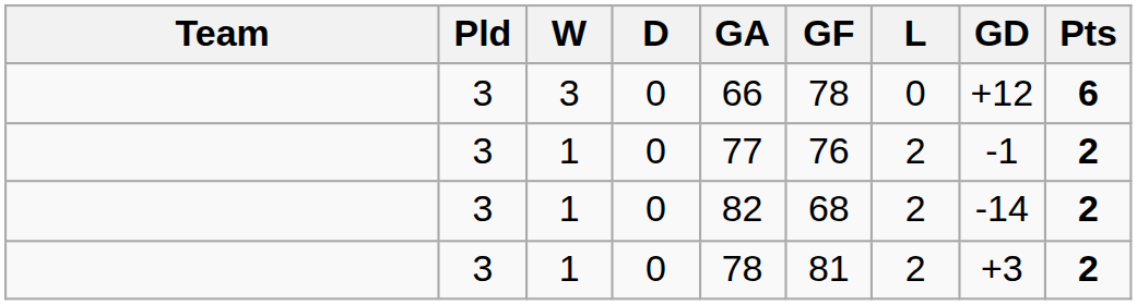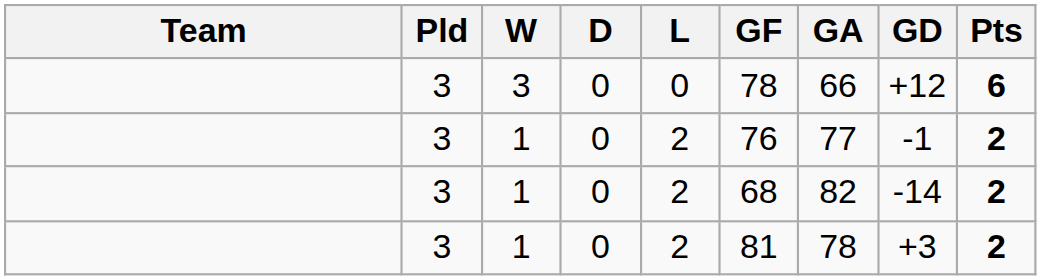 <table class="wikitable" style="text-align: center;">
 <tr>
 <th width="180">Team</th>
 <th width="30">Pld</th>
 <th width="30">W</th>
 <th width="30">D</th>
+<th width="30">L</th>
+<th width="30">GF</th>
 <th width="30">GA</th>
-<th width="30">GF</th>
-<th width="30">L</th>
 <th width="30">GD</th>
 <th width="30">Pts</th>
 </tr>
 <tr>
 <td align="left"></td>
 <td>3</td>
 <td>3</td>
 <td>0</td>
+<td>0</td>
+<td>78</td>
 <td>66</td>
-<td>78</td>
-<td>0</td>
 <td>+12</td>
 <td><strong>6</strong></td>
 </tr>
 <tr>
 <td align="left"></td>
 <td>3</td>
 <td>1</td>
 <td>0</td>
+<td>2</td>
+<td>76</td>
 <td>77</td>
-<td>76</td>
-<td>2</td>
 <td>-1</td>
 <td><strong>2</strong></td>
 </tr>
 <tr>
 <td align="left"></td>
 <td>3</td>
 <td>1</td>
 <td>0</td>
+<td>2</td>
+<td>68</td>
 <td>82</td>
-<td>68</td>
-<td>2</td>
 <td>-14</td>
 <td><strong>2</strong></td>
 </tr>
 <tr>
 <td align="left"></td>
 <td>3</td>
 <td>1</td>
 <td>0</td>
+<td>2</td>
+<td>81</td>
 <td>78</td>
-<td>81</td>
-<td>2</td>
 <td>+3</td>
 <td><strong>2</strong></td>
 </tr>
 </table>
